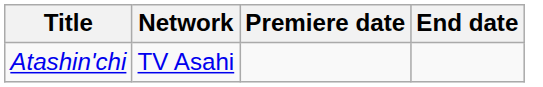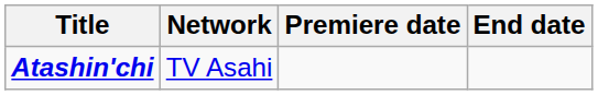 <table class="wikitable sortable">
 <tr>
 <th>Title</th>
 <th>Network</th>
 <th>Premiere date</th>
 <th>End date</th>
 </tr>
 <tr>
-<td><em><a href='#'>Atashin'chi</a></em></td>
+<td><strong><em><a href='#'>Atashin'chi</a></em></strong></td>
 <td rowspan="3"><a href='#'>TV Asahi</a></td>
 <td></td>
 <td></td>
 </tr>
 </table>
